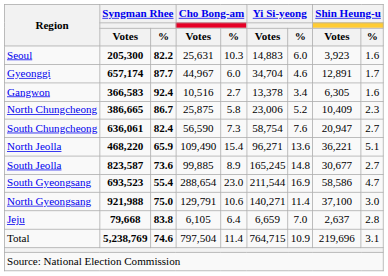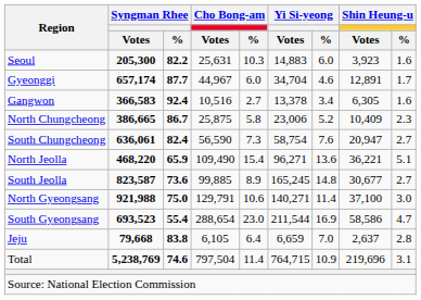 <table class="wikitable" style="text-align:center; font-size: 0.9em;">
 <tr>
 <th rowspan="3">Region</th>
 <th colspan="2"><a href='#'>Syngman Rhee</a></th>
 <th colspan="2"><a href='#'>Cho Bong-am</a></th>
 <th colspan="2"><a href='#'>Yi Si-yeong</a></th>
 <th colspan="2"><a href='#'>Shin Heung-u</a></th>
 </tr>
 <tr>
 <th colspan="2" style="background:"></th>
 <th colspan="2" style="background:#e60026;"></th>
 <th colspan="2" style="background:"></th>
 <th colspan="2" style="background:#ffcc33;"></th>
 </tr>
 <tr>
 <th>Votes</th>
 <th>%</th>
 <th>Votes</th>
 <th>%</th>
 <th>Votes</th>
 <th>%</th>
 <th>Votes</th>
 <th>%</th>
 </tr>
 <tr>
 <td align=left><a href='#'>Seoul</a></td>
 <td><strong>205,300</strong></td>
 <td><strong>82.2</strong></td>
 <td>25,631</td>
 <td>10.3</td>
 <td>14,883</td>
 <td>6.0</td>
 <td>3,923</td>
 <td>1.6</td>
 </tr>
 <tr>
 <td align=left><a href='#'>Gyeonggi</a></td>
 <td><strong>657,174</strong></td>
 <td><strong>87.7</strong></td>
 <td>44,967</td>
 <td>6.0</td>
 <td>34,704</td>
 <td>4.6</td>
 <td>12,891</td>
 <td>1.7</td>
 </tr>
 <tr>
 <td align=left><a href='#'>Gangwon</a></td>
 <td><strong>366,583</strong></td>
 <td><strong>92.4</strong></td>
 <td>10,516</td>
 <td>2.7</td>
 <td>13,378</td>
 <td>3.4</td>
 <td>6,305</td>
 <td>1.6</td>
 </tr>
 <tr>
 <td align=left><a href='#'>North Chungcheong</a></td>
 <td><strong>386,665</strong></td>
 <td><strong>86.7</strong></td>
 <td>25,875</td>
 <td>5.8</td>
 <td>23,006</td>
 <td>5.2</td>
 <td>10,409</td>
 <td>2.3</td>
 </tr>
 <tr>
 <td align=left><a href='#'>South Chungcheong</a></td>
 <td><strong>636,061</strong></td>
 <td><strong>82.4</strong></td>
 <td>56,590</td>
 <td>7.3</td>
 <td>58,754</td>
 <td>7.6</td>
 <td>20,947</td>
 <td>2.7</td>
 </tr>
 <tr>
 <td align=left><a href='#'>North Jeolla</a></td>
 <td><strong>468,220</strong></td>
 <td><strong>65.9</strong></td>
 <td>109,490</td>
 <td>15.4</td>
 <td>96,271</td>
 <td>13.6</td>
 <td>36,221</td>
 <td>5.1</td>
 </tr>
 <tr>
 <td align=left><a href='#'>South Jeolla</a></td>
 <td><strong>823,587</strong></td>
 <td><strong>73.6</strong></td>
 <td>99,885</td>
 <td>8.9</td>
 <td>165,245</td>
 <td>14.8</td>
 <td>30,677</td>
 <td>2.7</td>
 </tr>
 <tr>
+<td align=left><a href='#'>North Gyeongsang</a></td>
+<td><strong>921,988</strong></td>
+<td><strong>75.0</strong></td>
+<td>129,791</td>
+<td>10.6</td>
+<td>140,271</td>
+<td>11.4</td>
+<td>37,100</td>
+<td>3.0</td>
+</tr>
+<tr>
 <td align=left><a href='#'>South Gyeongsang</a></td>
 <td><strong>693,523</strong></td>
 <td><strong>55.4</strong></td>
 <td>288,654</td>
 <td>23.0</td>
 <td>211,544</td>
 <td>16.9</td>
 <td>58,586</td>
 <td>4.7</td>
-</tr>
-<tr>
-<td align=left><a href='#'>North Gyeongsang</a></td>
-<td><strong>921,988</strong></td>
-<td><strong>75.0</strong></td>
-<td>129,791</td>
-<td>10.6</td>
-<td>140,271</td>
-<td>11.4</td>
-<td>37,100</td>
-<td>3.0</td>
 </tr>
 <tr>
 <td align=left><a href='#'>Jeju</a></td>
 <td><strong>79,668</strong></td>
 <td><strong>83.8</strong></td>
 <td>6,105</td>
 <td>6.4</td>
 <td>6,659</td>
 <td>7.0</td>
 <td>2,637</td>
 <td>2.8</td>
 </tr>
 <tr class=sortbottom>
 <td align=left>Total</td>
 <td><strong>5,238,769</strong></td>
 <td><strong>74.6</strong></td>
 <td>797,504</td>
 <td>11.4</td>
 <td>764,715</td>
 <td>10.9</td>
 <td>219,696</td>
 <td>3.1</td>
 </tr>
 <tr>
 <th colspan="9"></th>
 </tr>
 <tr>
 <td colspan=9 align=left>Source: National Election Commission</td>
 </tr>
 </table>
